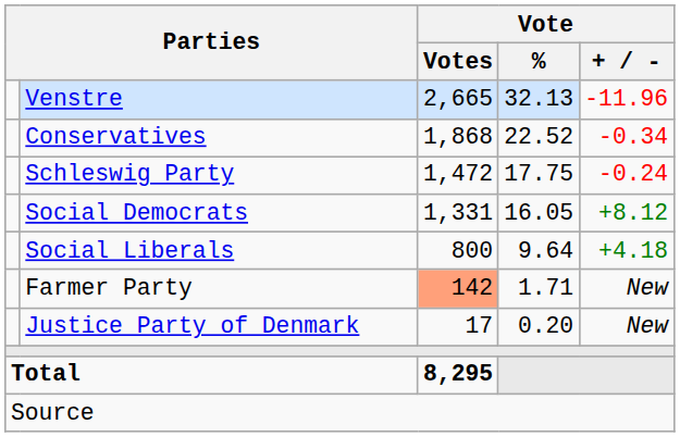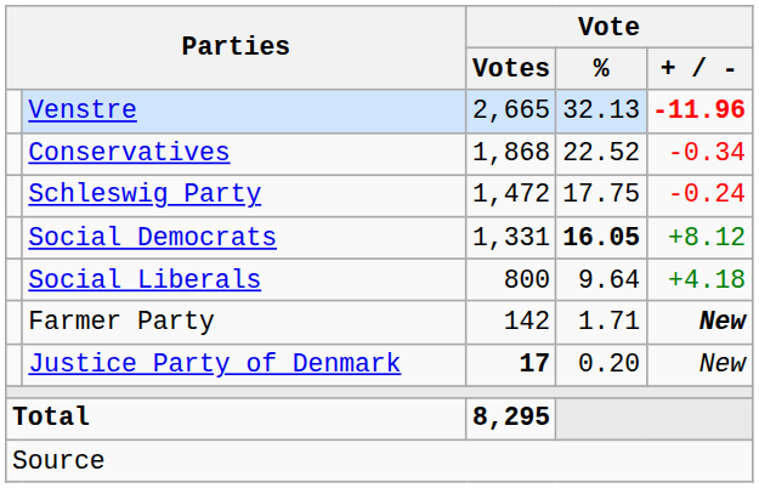 <table class="wikitable" style="text-align:right;">
 <tr>
 <th style="text-align:centre;" rowspan="2" colspan="2" width="225">Parties</th>
 <th colspan="3">Vote</th>
 </tr>
 <tr>
 <th width="15">Votes</th>
 <th width="15">%</th>
 <th width="15">+ / -</th>
 </tr>
 <tr>
 <td width="2" style="color:inherit;background:"></td>
 <td bgcolor=#cfe5fe  align="left"><a href='#'>Venstre</a></td>
 <td bgcolor=#cfe5fe>2,665</td>
 <td bgcolor=#cfe5fe>32.13</td>
-<td style=color:red;>-11.96</td>
+<td style=color:red;><strong>-11.96</strong></td>
 </tr>
 <tr>
 <td width="2" style="color:inherit;background:"></td>
 <td align="left"><a href='#'>Conservatives</a></td>
 <td>1,868</td>
 <td>22.52</td>
 <td style=color:red;>-0.34</td>
 </tr>
 <tr>
 <td width="2" style="color:inherit;background:"></td>
 <td align="left"><a href='#'>Schleswig Party</a></td>
 <td>1,472</td>
 <td>17.75</td>
 <td style=color:red;>-0.24</td>
 </tr>
 <tr>
 <td width="2" style="color:inherit;background:"></td>
 <td align="left"><a href='#'>Social Democrats</a></td>
 <td>1,331</td>
-<td>16.05</td>
+<td><strong>16.05</strong></td>
 <td style=color:green;>+8.12</td>
 </tr>
 <tr>
 <td width="2" style="color:inherit;background:"></td>
 <td align="left"><a href='#'>Social Liberals</a></td>
 <td>800</td>
 <td>9.64</td>
 <td style=color:green;>+4.18</td>
 </tr>
 <tr>
 <td width="2" style="color:inherit;background:"></td>
 <td align="left">Farmer Party</td>
-<td style="background: lightsalmon;">142</td>
+<td>142</td>
 <td>1.71</td>
-<td><em>New</em></td>
+<td><strong><em>New</em></strong></td>
 </tr>
 <tr>
 <td width="2" style="color:inherit;background:"></td>
 <td align="left"><a href='#'>Justice Party of Denmark</a></td>
-<td>17</td>
+<td><strong>17</strong></td>
 <td>0.20</td>
 <td><em>New</em></td>
 </tr>
 <tr>
 <td colspan="7" bgcolor="#E9E9E9"></td>
 </tr>
 <tr>
 <td align="left" colspan="2"><strong>Total</strong></td>
 <td><strong>8,295</strong></td>
 <td bgcolor="#E9E9E9" colspan="2"></td>
 </tr>
 <tr>
 <td align="left" colspan="6">Source</td>
 </tr>
 </table>
